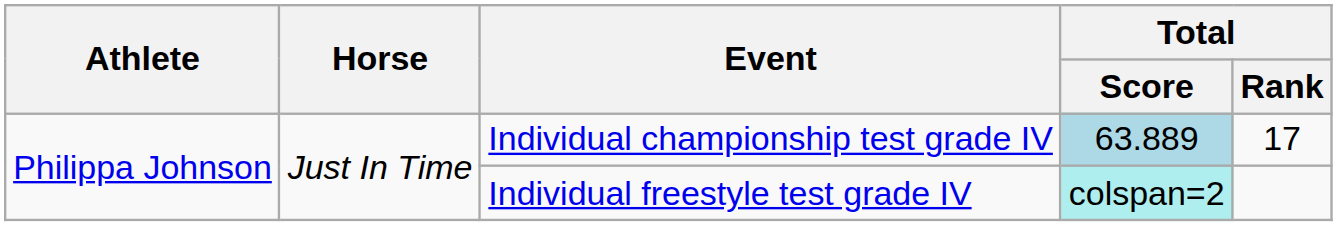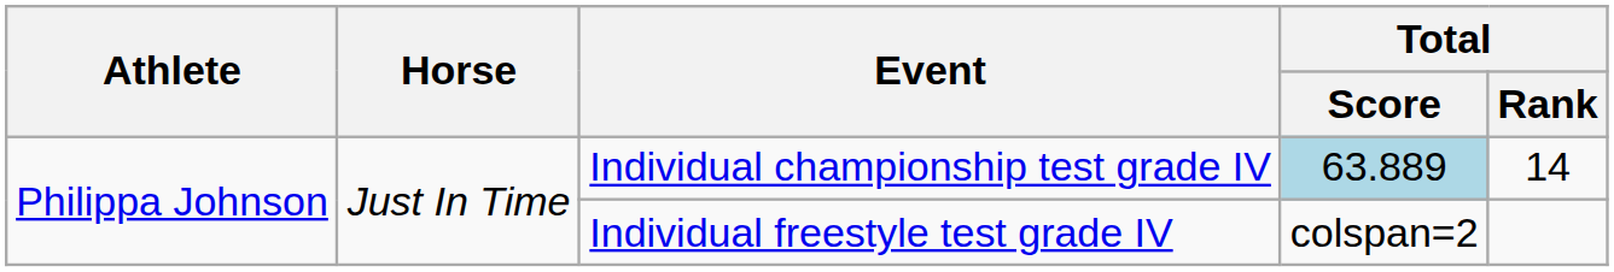 <table class=wikitable style="font-size:90%">
 <tr>
 <th rowspan="2">Athlete</th>
 <th rowspan="2">Horse</th>
 <th rowspan="2">Event</th>
 <th colspan="2">Total</th>
 </tr>
 <tr>
 <th>Score</th>
 <th>Rank</th>
 </tr>
 <tr>
 <td rowspan="2"><a href='#'>Philippa Johnson</a></td>
 <td rowspan="2"><em>Just In Time</em></td>
 <td><a href='#'>Individual championship test grade IV</a></td>
 <td align=center style="background: lightblue;">63.889</td>
-<td align=center>17</td>
+<td align=center>14</td>
 </tr>
 <tr>
 <td><a href='#'>Individual freestyle test grade IV</a></td>
-<td style="background: paleturquoise;">colspan=2 </td>
+<td>colspan=2 </td>
 </tr>
 </table>
